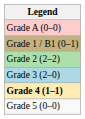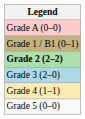 <table class="wikitable" style="font-size:85%;">
 <tr>
 <th>Legend</th>
 </tr>
 <tr bgcolor="ffcccc">
 <td>Grade A (0–0)</td>
 </tr>
 <tr bgcolor="C2B280">
 <td>Grade 1 / B1 (0–1)</td>
 </tr>
 <tr bgcolor="ADDFAD">
-<td>Grade 2 (2–2)</td>
+<td><strong>Grade 2 (2–2)</strong></td>
 </tr>
 <tr bgcolor="lightblue">
 <td>Grade 3 (2–0)</td>
 </tr>
 <tr bgcolor="ffecb2">
-<td><strong>Grade 4 (1–1)</strong></td>
+<td>Grade 4 (1–1)</td>
 </tr>
 <tr>
 <td>Grade 5 (0–0)</td>
 </tr>
 </table>
